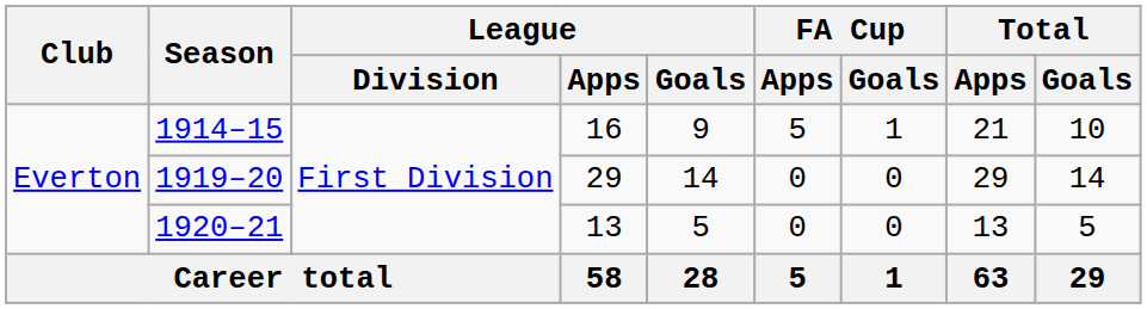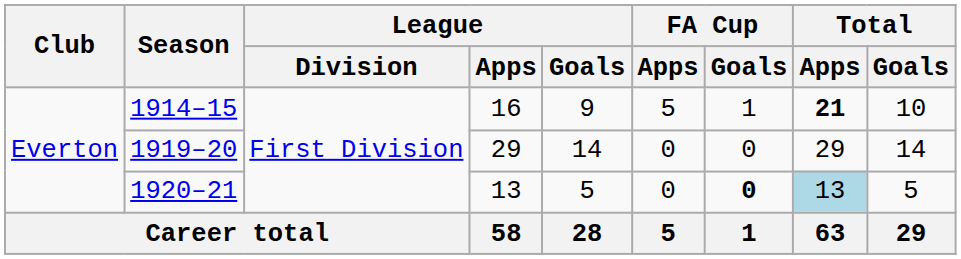 <table class="wikitable" style="text-align: center">
 <tr>
 <th rowspan="2">Club</th>
 <th rowspan="2">Season</th>
 <th colspan="3">League</th>
 <th colspan="2">FA Cup</th>
 <th colspan="2">Total</th>
 </tr>
 <tr>
 <th>Division</th>
 <th>Apps</th>
 <th>Goals</th>
 <th>Apps</th>
 <th>Goals</th>
 <th>Apps</th>
 <th>Goals</th>
 </tr>
 <tr>
 <td rowspan="3"><a href='#'>Everton</a></td>
 <td><a href='#'>1914–15</a></td>
 <td rowspan="3"><a href='#'>First Division</a></td>
 <td>16</td>
 <td>9</td>
 <td>5</td>
 <td>1</td>
-<td>21</td>
+<td><strong>21</strong></td>
 <td>10</td>
 </tr>
 <tr>
 <td><a href='#'>1919–20</a></td>
 <td>29</td>
 <td>14</td>
 <td>0</td>
 <td>0</td>
 <td>29</td>
 <td>14</td>
 </tr>
 <tr>
 <td><a href='#'>1920–21</a></td>
 <td>13</td>
 <td>5</td>
 <td>0</td>
-<td>0</td>
-<td>13</td>
+<td><strong>0</strong></td>
+<td style="background: lightblue;">13</td>
 <td>5</td>
 </tr>
 <tr>
 <th colspan="3">Career total</th>
 <th>58</th>
 <th>28</th>
 <th>5</th>
 <th>1</th>
 <th>63</th>
 <th>29</th>
 </tr>
 </table>
